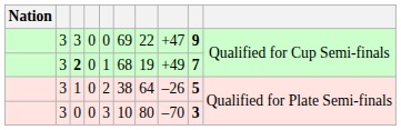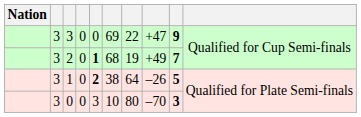 <table class="wikitable" style="text-align: center;">
 <tr>
 <th>Nation</th>
 <th></th>
 <th></th>
 <th></th>
 <th></th>
 <th></th>
 <th></th>
 <th></th>
 <th></th>
 <th></th>
 </tr>
 <tr bgcolor="#ccffcc">
 <td align="left"></td>
 <td>3</td>
 <td>3</td>
 <td>0</td>
 <td>0</td>
 <td>69</td>
 <td>22</td>
 <td>+47</td>
 <td><strong>9</strong></td>
 <td rowspan="2">Qualified for Cup Semi-finals</td>
 </tr>
 <tr bgcolor="#ccffcc">
 <td align="left"></td>
 <td>3</td>
-<td><strong>2</strong></td>
+<td>2</td>
 <td>0</td>
-<td>1</td>
+<td><strong>1</strong></td>
 <td>68</td>
 <td>19</td>
 <td>+49</td>
 <td><strong>7</strong></td>
 </tr>
 <tr bgcolor="FFE4E1">
 <td align="left"></td>
 <td>3</td>
 <td>1</td>
 <td>0</td>
-<td>2</td>
+<td><strong>2</strong></td>
 <td>38</td>
 <td>64</td>
 <td>–26</td>
 <td><strong>5</strong></td>
 <td rowspan="2">Qualified for Plate Semi-finals</td>
 </tr>
 <tr bgcolor="FFE4E1">
 <td align="left"></td>
 <td>3</td>
 <td>0</td>
 <td>0</td>
 <td>3</td>
 <td>10</td>
 <td>80</td>
 <td>–70</td>
 <td><strong>3</strong></td>
 </tr>
 </table>
